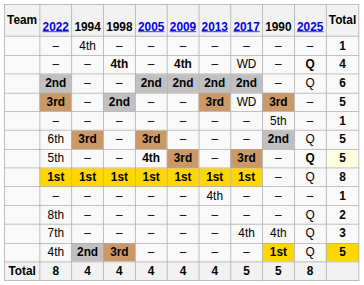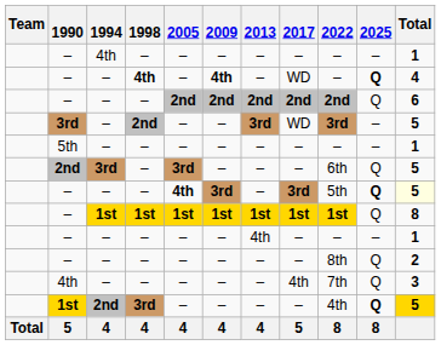 <table class="wikitable" style="text-align:center">
 <tr>
 <th>Team</th>
-<th><br><a href='#'>2022</a></th>
+<th><br>1990</th>
 <th><br>1994</th>
 <th><br>1998</th>
 <th><br><a href='#'>2005</a></th>
 <th><br><a href='#'>2009</a></th>
 <th><br><a href='#'>2013</a></th>
 <th><br><a href='#'>2017</a></th>
-<th><br>1990</th>
+<th><br><a href='#'>2022</a></th>
 <th><br><a href='#'>2025</a></th>
 <th>Total</th>
 </tr>
 <tr>
 <td align=left></td>
 <td>–</td>
 <td>4th</td>
 <td>–</td>
 <td>–</td>
 <td>–</td>
 <td>–</td>
 <td>–</td>
 <td>–</td>
 <td>–</td>
 <td><strong>1</strong></td>
 </tr>
 <tr>
 <td align=left></td>
 <td>–</td>
 <td>–</td>
 <td><strong>4th</strong></td>
 <td>–</td>
 <td><strong>4th</strong></td>
 <td>–</td>
 <td>WD</td>
 <td>–</td>
 <td><strong>Q</strong></td>
 <td><strong>4</strong></td>
 </tr>
 <tr>
 <td align=left></td>
-<td bgcolor=silver><strong>2nd</strong></td>
+<td>–</td>
 <td>–</td>
 <td>–</td>
 <td bgcolor=silver><strong>2nd</strong></td>
 <td bgcolor=silver><strong>2nd</strong></td>
 <td bgcolor=silver><strong>2nd</strong></td>
 <td bgcolor=silver><strong>2nd</strong></td>
-<td>–</td>
+<td bgcolor=silver><strong>2nd</strong></td>
 <td>Q</td>
 <td><strong>6</strong></td>
 </tr>
 <tr>
 <td align=left></td>
 <td bgcolor=cc9966><strong>3rd</strong></td>
 <td>–</td>
 <td bgcolor=silver><strong>2nd</strong></td>
 <td>–</td>
 <td>–</td>
 <td bgcolor=cc9966><strong>3rd</strong></td>
 <td>WD</td>
 <td bgcolor=cc9966><strong>3rd</strong></td>
 <td>–</td>
 <td><strong>5</strong></td>
 </tr>
 <tr>
 <td align=left></td>
+<td>5th</td>
 <td>–</td>
 <td>–</td>
 <td>–</td>
 <td>–</td>
 <td>–</td>
 <td>–</td>
 <td>–</td>
-<td>5th</td>
 <td>–</td>
 <td><strong>1</strong></td>
 </tr>
 <tr>
 <td align=left></td>
-<td>6th</td>
+<td bgcolor=silver><strong>2nd</strong></td>
 <td bgcolor=cc9966><strong>3rd</strong></td>
 <td>–</td>
 <td bgcolor=cc9966><strong>3rd</strong></td>
 <td>–</td>
 <td>–</td>
 <td>–</td>
-<td bgcolor=silver><strong>2nd</strong></td>
+<td>6th</td>
 <td>Q</td>
 <td><strong>5</strong></td>
 </tr>
 <tr>
 <td align=left></td>
-<td>5th</td>
+<td>–</td>
 <td>–</td>
 <td>–</td>
 <td><strong>4th</strong></td>
 <td bgcolor=cc9966><strong>3rd</strong></td>
 <td>–</td>
 <td bgcolor=cc9966><strong>3rd</strong></td>
-<td>–</td>
+<td>5th</td>
 <td><strong>Q</strong></td>
 <td style="background: lightyellow;"><strong>5</strong></td>
 </tr>
 <tr>
 <td align=left></td>
+<td>–</td>
 <td bgcolor=gold><strong>1st</strong></td>
 <td bgcolor=gold><strong>1st</strong></td>
 <td bgcolor=gold><strong>1st</strong></td>
 <td bgcolor=gold><strong>1st</strong></td>
 <td bgcolor=gold><strong>1st</strong></td>
 <td bgcolor=gold><strong>1st</strong></td>
 <td bgcolor=gold><strong>1st</strong></td>
-<td>–</td>
 <td>Q</td>
 <td><strong>8</strong></td>
 </tr>
 <tr>
 <td align=left></td>
 <td>–</td>
 <td>–</td>
 <td>–</td>
 <td>–</td>
 <td>–</td>
 <td>4th</td>
 <td>–</td>
 <td>–</td>
 <td>–</td>
 <td><strong>1</strong></td>
 </tr>
 <tr>
 <td align=left></td>
-<td>8th</td>
 <td>–</td>
 <td>–</td>
 <td>–</td>
 <td>–</td>
 <td>–</td>
 <td>–</td>
 <td>–</td>
+<td>8th</td>
 <td>Q</td>
 <td><strong>2</strong></td>
 </tr>
 <tr>
 <td align=left></td>
-<td>7th</td>
+<td>4th</td>
 <td>–</td>
 <td>–</td>
 <td>–</td>
 <td>–</td>
 <td>–</td>
 <td>4th</td>
-<td>4th</td>
+<td>7th</td>
 <td>Q</td>
 <td><strong>3</strong></td>
 </tr>
 <tr>
 <td align=left></td>
-<td>4th</td>
+<td bgcolor=gold><strong>1st</strong></td>
 <td bgcolor=silver><strong>2nd</strong></td>
 <td bgcolor=cc9966><strong>3rd</strong></td>
 <td>–</td>
 <td>–</td>
 <td>–</td>
 <td>–</td>
-<td bgcolor=gold><strong>1st</strong></td>
-<td>Q</td>
+<td>4th</td>
+<td><strong>Q</strong></td>
 <td style="background: gold;"><strong>5</strong></td>
 </tr>
 <tr>
 <th>Total</th>
-<th>8</th>
+<th>5</th>
 <th>4</th>
 <th>4</th>
 <th>4</th>
 <th>4</th>
 <th>4</th>
 <th>5</th>
-<th>5</th>
+<th>8</th>
 <th>8</th>
 <th></th>
 </tr>
 </table>
